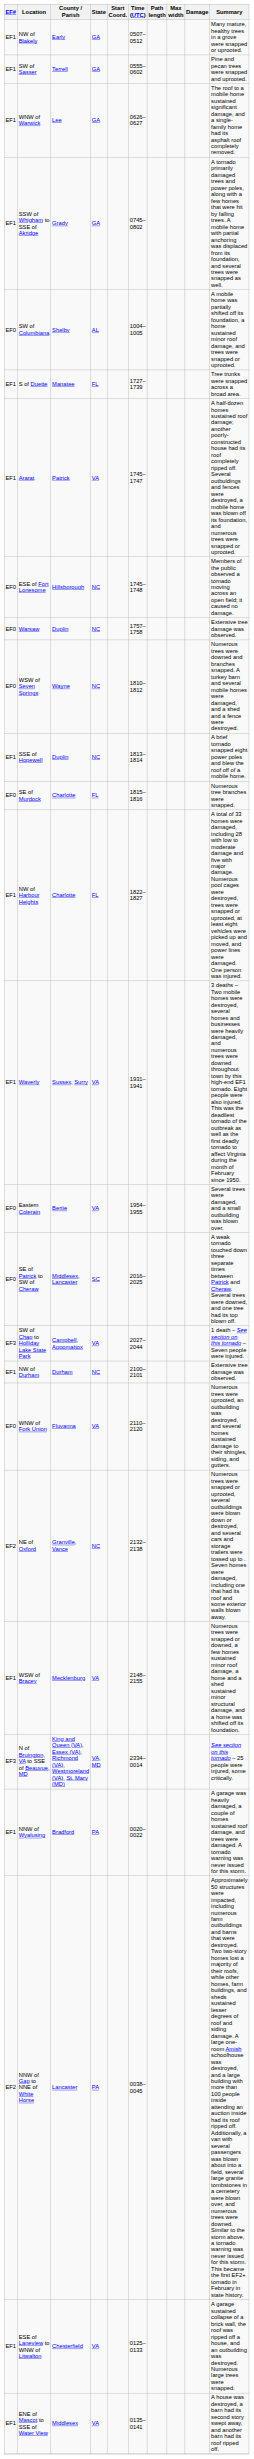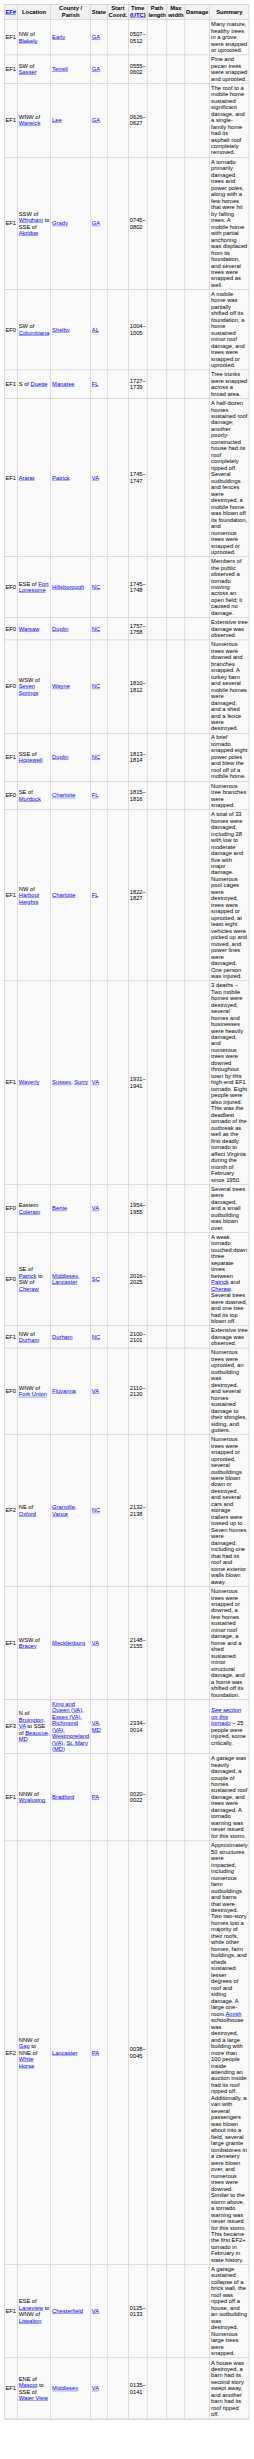 <table class="wikitable sortable" style="width:100%;">
 <tr>
 <th scope="col"  style="width:3%; text-align:center;"><a href='#'>EF#</a></th>
 <th scope="col"  style="width:7%; text-align:center;" class="unsortable">Location</th>
 <th scope="col"  style="width:6%; text-align:center;" class="unsortable">County / Parish</th>
 <th scope="col"  style="width:5%; text-align:center;">State</th>
 <th scope="col"  style="width:6%; text-align:center;">Start Coord.</th>
 <th scope="col"  style="width:6%; text-align:center;">Time (<a href='#'>UTC</a>)</th>
 <th scope="col"  style="width:6%; text-align:center;">Path length</th>
 <th scope="col"  style="width:6%; text-align:center;">Max width</th>
 <th scope="col"  style="width:6%; text-align:center;">Damage</th>
 <th scope="col" class="unsortable" style="width:48%; text-align:center;">Summary</th>
 </tr>
 <tr>
 <td>EF1</td>
 <td>NW of <a href='#'>Blakely</a></td>
 <td><a href='#'>Early</a></td>
 <td><a href='#'>GA</a></td>
 <td></td>
 <td>0507–0512</td>
 <td></td>
 <td></td>
 <td></td>
 <td>Many mature, healthy trees in a grove were snapped or uprooted.</td>
 </tr>
 <tr>
 <td>EF1</td>
 <td>SW of <a href='#'>Sasser</a></td>
 <td><a href='#'>Terrell</a></td>
 <td><a href='#'>GA</a></td>
 <td></td>
 <td>0555–0602</td>
 <td></td>
 <td></td>
 <td></td>
 <td>Pine and pecan trees were snapped and uprooted.</td>
 </tr>
 <tr>
 <td>EF1</td>
 <td>WNW of <a href='#'>Warwick</a></td>
 <td><a href='#'>Lee</a></td>
 <td><a href='#'>GA</a></td>
 <td></td>
 <td>0626–0627</td>
 <td></td>
 <td></td>
 <td></td>
 <td>The roof to a mobile home sustained significant damage, and a single-family home had its asphalt roof completely removed.</td>
 </tr>
 <tr>
 <td>EF1</td>
 <td>SSW of <a href='#'>Whigham</a> to SSE of <a href='#'>Akridge</a></td>
 <td><a href='#'>Grady</a></td>
 <td><a href='#'>GA</a></td>
 <td></td>
 <td>0745–0802</td>
 <td></td>
 <td></td>
 <td></td>
 <td>A tornado primarily damaged trees and power poles, along with a few homes that were hit by falling trees. A mobile home with partial anchoring was displaced from its foundation, and several trees were snapped as well.</td>
 </tr>
 <tr>
 <td>EF0</td>
 <td>SW of <a href='#'>Columbiana</a></td>
 <td><a href='#'>Shelby</a></td>
 <td><a href='#'>AL</a></td>
 <td></td>
 <td>1004–1005</td>
 <td></td>
 <td></td>
 <td></td>
 <td>A mobile home was partially shifted off its foundation, a home sustained minor roof damage, and trees were snapped or uprooted.</td>
 </tr>
 <tr>
 <td>EF1</td>
 <td>S of <a href='#'>Duette</a></td>
 <td><a href='#'>Manatee</a></td>
 <td><a href='#'>FL</a></td>
 <td></td>
 <td>1727–1739</td>
 <td></td>
 <td></td>
 <td></td>
 <td>Tree trunks were snapped across a broad area.</td>
 </tr>
 <tr>
 <td>EF1</td>
 <td><a href='#'>Ararat</a></td>
 <td><a href='#'>Patrick</a></td>
 <td><a href='#'>VA</a></td>
 <td></td>
 <td>1745–1747</td>
 <td></td>
 <td></td>
 <td></td>
 <td>A half-dozen homes sustained roof damage; another poorly-constructed house had its roof completely ripped off. Several outbuldings and fences were destroyed, a mobile home was blown off its foundation, and numerous trees were snapped or uprooted.</td>
 </tr>
 <tr>
 <td>EF0</td>
 <td>ESE of <a href='#'>Fort Lonesome</a></td>
 <td><a href='#'>Hillsborough</a></td>
 <td><a href='#'>NC</a></td>
 <td></td>
 <td>1745–1748</td>
 <td></td>
 <td></td>
 <td></td>
 <td>Members of the public observed a tornado moving across an open field; it caused no damage.</td>
 </tr>
 <tr>
 <td>EF0</td>
 <td><a href='#'>Warsaw</a></td>
 <td><a href='#'>Duplin</a></td>
 <td><a href='#'>NC</a></td>
 <td></td>
 <td>1757–1758</td>
 <td></td>
 <td></td>
 <td></td>
 <td>Extensive tree damage was observed.</td>
 </tr>
 <tr>
 <td>EF0</td>
 <td>WSW of <a href='#'>Seven Springs</a></td>
 <td><a href='#'>Wayne</a></td>
 <td><a href='#'>NC</a></td>
 <td></td>
 <td>1810–1812</td>
 <td></td>
 <td></td>
 <td></td>
 <td>Numerous trees were downed and branches snapped. A turkey barn and several mobile homes were damaged, and a shed and a fence were destroyed.</td>
 </tr>
 <tr>
 <td>EF1</td>
 <td>SSE of <a href='#'>Hopewell</a></td>
 <td><a href='#'>Duplin</a></td>
 <td><a href='#'>NC</a></td>
 <td></td>
 <td>1813–1814</td>
 <td></td>
 <td></td>
 <td></td>
 <td>A brief tornado snapped eight power poles and blew the roof off of a mobile home.</td>
 </tr>
 <tr>
 <td>EF0</td>
 <td>SE of <a href='#'>Murdock</a></td>
 <td><a href='#'>Charlotte</a></td>
 <td><a href='#'>FL</a></td>
 <td></td>
 <td>1815–1816</td>
 <td></td>
 <td></td>
 <td></td>
 <td>Numerous tree branches were snapped.</td>
 </tr>
 <tr>
 <td>EF1</td>
 <td>NW of <a href='#'>Harbour Heights</a></td>
 <td><a href='#'>Charlotte</a></td>
 <td><a href='#'>FL</a></td>
 <td></td>
 <td>1822–1827</td>
 <td></td>
 <td></td>
 <td></td>
 <td>A total of 33 homes were damaged, including 28 with low to moderate damage and five with major damage. Numerous pool cages were destroyed, trees were snapped or uprooted, at least eight vehicles were picked up and moved, and power lines were damaged. One person was injured.</td>
 </tr>
 <tr>
 <td>EF1</td>
 <td><a href='#'>Waverly</a></td>
 <td><a href='#'>Sussex</a>, <a href='#'>Surry</a></td>
 <td><a href='#'>VA</a></td>
 <td></td>
 <td>1931–1941</td>
 <td></td>
 <td></td>
 <td></td>
 <td>3 deaths – Two mobile homes were destroyed, several homes and businesses were heavily damaged, and numerous trees were downed throughout town by this high-end EF1 tornado. Eight people were also injured. This was the deadliest tornado of the outbreak as well as the first deadly tornado to affect Virginia during the month of February since 1950.</td>
 </tr>
 <tr>
 <td>EF0</td>
 <td>Eastern <a href='#'>Colerain</a></td>
 <td><a href='#'>Bertie</a></td>
 <td><a href='#'>VA</a></td>
 <td></td>
 <td>1954–1955</td>
 <td></td>
 <td></td>
 <td></td>
 <td>Several trees were damaged, and a small outbuilding was blown over.</td>
 </tr>
 <tr>
 <td>EF0</td>
 <td>SE of <a href='#'>Patrick</a> to SW of <a href='#'>Cheraw</a></td>
 <td><a href='#'>Middlesex</a>, <a href='#'>Lancaster</a></td>
 <td><a href='#'>SC</a></td>
 <td></td>
 <td>2016–2025</td>
 <td></td>
 <td></td>
 <td></td>
 <td>A weak tornado touched down three separate times between <a href='#'>Patrick</a> and <a href='#'>Cheraw</a>. Several trees were downed, and one tree had its top blown off.</td>
 </tr>
 <tr>
-<td>EF3</td>
-<td>SW of <a href='#'>Chap</a> to <a href='#'>Holliday Lake State Park</a></td>
-<td><a href='#'>Campbell</a>, <a href='#'>Appomattox</a></td>
-<td><a href='#'>VA</a></td>
-<td></td>
-<td>2027–2044</td>
-<td></td>
-<td></td>
-<td></td>
-<td>1 death – <em><a href='#'>See section on this tornado</a></em> – Seven people were injured.</td>
-</tr>
-<tr>
 <td>EF1</td>
 <td>NW of <a href='#'>Durham</a></td>
 <td><a href='#'>Durham</a></td>
 <td><a href='#'>NC</a></td>
 <td></td>
 <td>2100–2101</td>
 <td></td>
 <td></td>
 <td></td>
 <td>Extensive tree damage was observed.</td>
 </tr>
 <tr>
 <td>EF0</td>
 <td>WNW of <a href='#'>Fork Union</a></td>
 <td><a href='#'>Fluvanna</a></td>
 <td><a href='#'>VA</a></td>
 <td></td>
 <td>2110–2120</td>
 <td></td>
 <td></td>
 <td></td>
 <td>Numerous trees were uprooted, an outbuilding was destroyed, and several homes sustained damage to their shingles, siding, and gutters.</td>
 </tr>
 <tr>
 <td>EF2</td>
 <td>NE of <a href='#'>Oxford</a></td>
 <td><a href='#'>Granville</a>, <a href='#'>Vance</a></td>
 <td><a href='#'>NC</a></td>
 <td></td>
 <td>2132–2138</td>
 <td></td>
 <td></td>
 <td></td>
 <td>Numerous trees were snapped or uprooted, several outbuildings were blown down or destroyed, and several cars and storage trailers were tossed up to . Seven homes were damaged, including one that had its roof and some exterior walls blown away.</td>
 </tr>
 <tr>
 <td>EF1</td>
 <td>WSW of <a href='#'>Bracey</a></td>
 <td><a href='#'>Mecklenburg</a></td>
 <td><a href='#'>VA</a></td>
 <td></td>
 <td>2148–2155</td>
 <td></td>
 <td></td>
 <td></td>
 <td>Numerous trees were snapped or downed, a few homes sustained minor roof damage, a home and a shed sustained minor structural damage, and a home was shifted off its foundation.</td>
 </tr>
 <tr>
 <td>EF3</td>
 <td>N of <a href='#'>Bruington, VA</a> to SSE of <a href='#'>Beauvue, MD</a></td>
 <td><a href='#'>King and Queen (VA)</a>, <a href='#'>Essex (VA)</a>, <a href='#'>Richmond (VA)</a>, <a href='#'>Westmoreland (VA)</a>, <a href='#'>St. Mary (MD)</a></td>
 <td><a href='#'>VA</a>, <a href='#'>MD</a></td>
 <td></td>
 <td>2334–0014</td>
 <td></td>
 <td></td>
 <td></td>
 <td><em><a href='#'>See section on this tornado</a></em> – 25 people were injured, some critically.</td>
 </tr>
 <tr>
 <td>EF1</td>
 <td>NNW of <a href='#'>Wyalusing</a></td>
 <td><a href='#'>Bradford</a></td>
 <td><a href='#'>PA</a></td>
 <td></td>
 <td>0020–0022</td>
 <td></td>
 <td></td>
 <td></td>
 <td>A garage was heavily damaged, a couple of homes sustained roof damage, and trees were damaged. A tornado warning was never issued for this storm.</td>
 </tr>
 <tr>
 <td>EF2</td>
 <td>NNW of <a href='#'>Gap</a> to NNE of <a href='#'>White Horse</a></td>
 <td><a href='#'>Lancaster</a></td>
 <td><a href='#'>PA</a></td>
 <td></td>
 <td>0038–0045</td>
 <td></td>
 <td></td>
 <td></td>
 <td>Approximately 50 structures were impacted, including numerous farm outbuildings and barns that were destroyed. Two two-story homes lost a majority of their roofs, while other homes, farm buildings, and sheds sustained lesser degrees of roof and siding damage. A large one-room <a href='#'>Amish</a> schoolhouse was destroyed, and a large building with more than 100 people inside attending an auction inside had its roof ripped off. Additionally, a van with several passengers was blown about  into a field, several large granite tombstones in a cemetery were blown over, and numerous trees were downed. Similar to the storm above, a tornado warning was never issued for this storm. This became the first EF2+ tornado in February in state history.</td>
 </tr>
 <tr>
 <td>EF1</td>
 <td>ESE of <a href='#'>Laneview</a> to WNW of <a href='#'>Litwalton</a></td>
 <td><a href='#'>Chesterfield</a></td>
 <td><a href='#'>VA</a></td>
 <td></td>
 <td>0125–0133</td>
 <td></td>
 <td></td>
 <td></td>
 <td>A garage sustained collapse of a brick wall, the roof was ripped off a house, and an outbuilding was destroyed. Numerous large trees were snapped.</td>
 </tr>
 <tr>
 <td>EF1</td>
 <td>ENE of <a href='#'>Mascot</a> to SSE of <a href='#'>Water View</a></td>
 <td><a href='#'>Middlesex</a></td>
 <td><a href='#'>VA</a></td>
 <td></td>
 <td>0135–0141</td>
 <td></td>
 <td></td>
 <td></td>
 <td>A house was destroyed, a barn had its second story swept away, and another barn had its roof ripped off.</td>
 </tr>
 <tr>
 </tr>
 </table>
